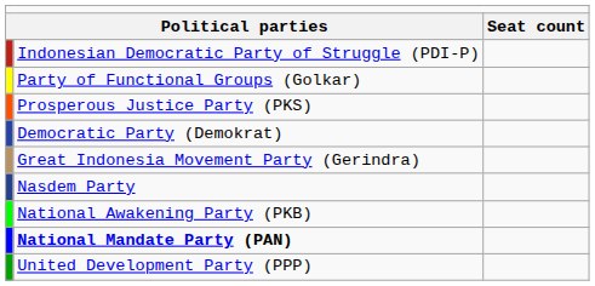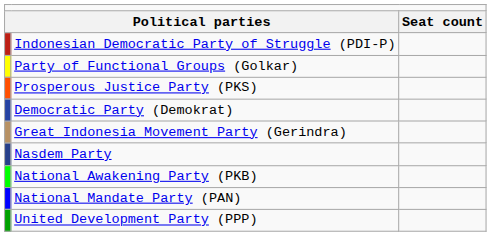 <table class="wikitable">
 <tr>
 <td colspan="4"></td>
 </tr>
 <tr>
 <th colspan="2">Political parties</th>
 <th>Seat count</th>
 </tr>
 <tr>
 <td bgcolor=#BD2016></td>
 <td><a href='#'>Indonesian Democratic Party of Struggle</a> (PDI-P)</td>
 <td></td>
 </tr>
 <tr>
 <td bgcolor=#FFFF00></td>
 <td><a href='#'>Party of Functional Groups</a> (Golkar)</td>
 <td></td>
 </tr>
 <tr>
 <td bgcolor=#FF4F00></td>
 <td><a href='#'>Prosperous Justice Party</a> (PKS)</td>
 <td></td>
 </tr>
 <tr>
 <td bgcolor=#2643A3></td>
 <td><a href='#'>Democratic Party</a> (Demokrat)</td>
 <td></td>
 </tr>
 <tr>
 <td bgcolor=#B79164></td>
 <td><a href='#'>Great Indonesia Movement Party</a> (Gerindra)</td>
 <td></td>
 </tr>
 <tr>
 <td bgcolor=#27408B></td>
 <td><a href='#'>Nasdem Party</a></td>
 <td></td>
 </tr>
 <tr>
 <td bgcolor=#00FF00></td>
 <td><a href='#'>National Awakening Party</a> (PKB)</td>
 <td></td>
 </tr>
 <tr>
 <td bgcolor=#0000FF></td>
-<td><strong><a href='#'>National Mandate Party</a> (PAN)</strong></td>
+<td><a href='#'>National Mandate Party</a> (PAN)</td>
 <td></td>
 </tr>
 <tr>
 <td bgcolor=#00A100></td>
 <td><a href='#'>United Development Party</a> (PPP)</td>
 <td></td>
 </tr>
 </table>
